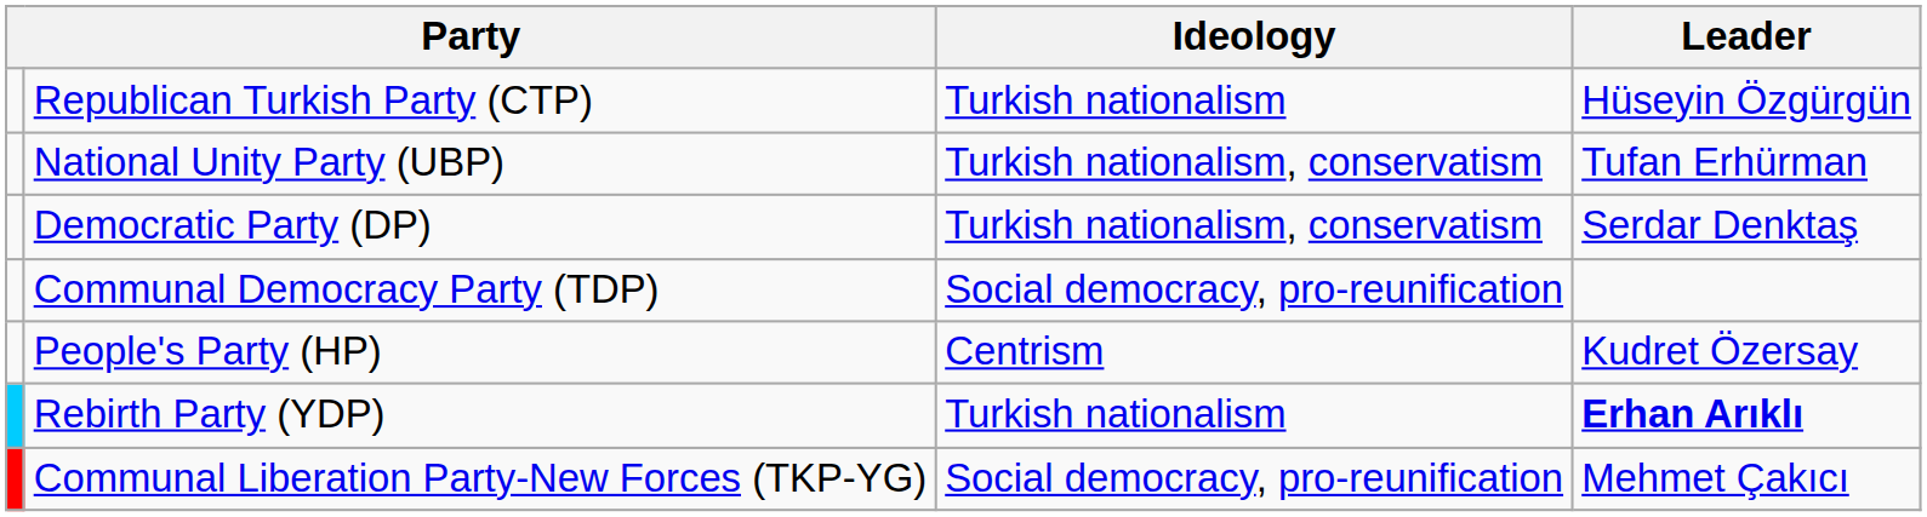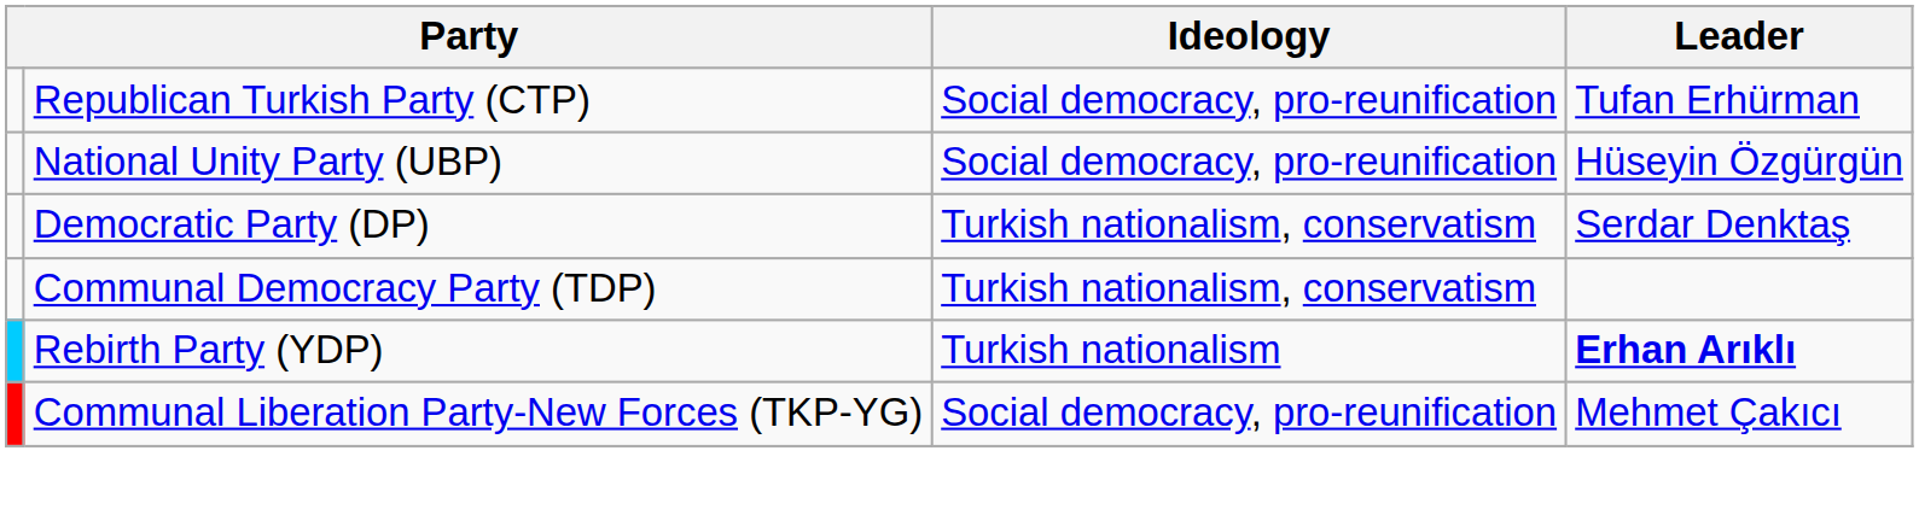 <table class=wikitable style=text-align:left>
 <tr>
 <th colspan=2>Party</th>
 <th>Ideology</th>
 <th>Leader</th>
 </tr>
 <tr>
 <td></td>
 <td><a href='#'>Republican Turkish Party</a> (CTP)</td>
-<td><a href='#'>Turkish nationalism</a></td>
-<td><a href='#'>Hüseyin Özgürgün</a></td>
+<td><a href='#'>Social democracy</a>, <a href='#'>pro-reunification</a></td>
+<td><a href='#'>Tufan Erhürman</a></td>
 </tr>
 <tr>
 <td></td>
 <td><a href='#'>National Unity Party</a> (UBP)</td>
-<td><a href='#'>Turkish nationalism</a>, <a href='#'>conservatism</a></td>
-<td><a href='#'>Tufan Erhürman</a></td>
+<td><a href='#'>Social democracy</a>, <a href='#'>pro-reunification</a></td>
+<td><a href='#'>Hüseyin Özgürgün</a></td>
 </tr>
 <tr>
 <td></td>
 <td><a href='#'>Democratic Party</a> (DP)</td>
 <td><a href='#'>Turkish nationalism</a>, <a href='#'>conservatism</a></td>
 <td><a href='#'>Serdar Denktaş</a></td>
 </tr>
 <tr>
 <td></td>
 <td><a href='#'>Communal Democracy Party</a> (TDP)</td>
-<td><a href='#'>Social democracy</a>, <a href='#'>pro-reunification</a></td>
+<td><a href='#'>Turkish nationalism</a>, <a href='#'>conservatism</a></td>
 <td></td>
-</tr>
-<tr>
-<td bgcolor= ></td>
-<td><a href='#'>People's Party</a> (HP)</td>
-<td><a href='#'>Centrism</a></td>
-<td><a href='#'>Kudret Özersay</a></td>
 </tr>
 <tr>
 <td bgcolor=#00CCFF></td>
 <td><a href='#'>Rebirth Party</a> (YDP)</td>
 <td><a href='#'>Turkish nationalism</a></td>
 <td><strong><a href='#'>Erhan Arıklı</a></strong></td>
 </tr>
 <tr>
 <td bgcolor=red></td>
 <td><a href='#'>Communal Liberation Party-New Forces</a> (TKP-YG)</td>
 <td><a href='#'>Social democracy</a>, <a href='#'>pro-reunification</a></td>
 <td><a href='#'>Mehmet Çakıcı</a></td>
 </tr>
 </table>
